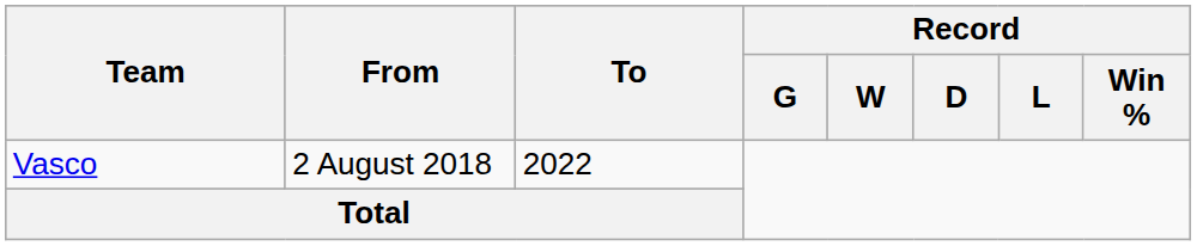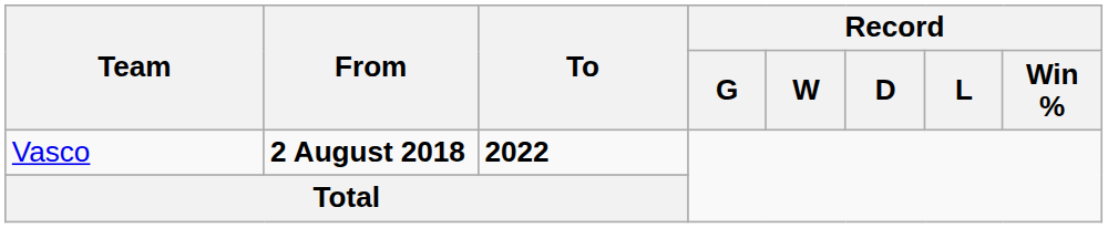 <table class="wikitable" style="text-align: center">
 <tr>
 <th rowspan="2!" style="width:150px;">Team</th>
 <th rowspan="2!" style="width:120px;">From</th>
 <th rowspan="2!" style="width:120px;">To</th>
 <th colspan=7>Record</th>
 </tr>
 <tr>
 <th width=40>G</th>
 <th width=40>W</th>
 <th width=40>D</th>
 <th width=40>L</th>
 <th width=50>Win %</th>
 </tr>
 <tr>
 <td align=left><a href='#'>Vasco</a></td>
-<td align=left>2 August 2018</td>
-<td align=left>2022<br></td>
+<td align=left><strong>2 August 2018</strong></td>
+<td align=left><strong>2022<br></strong></td>
 </tr>
 <tr>
 <th colspan="3">Total<br></th>
 </tr>
 </table>
